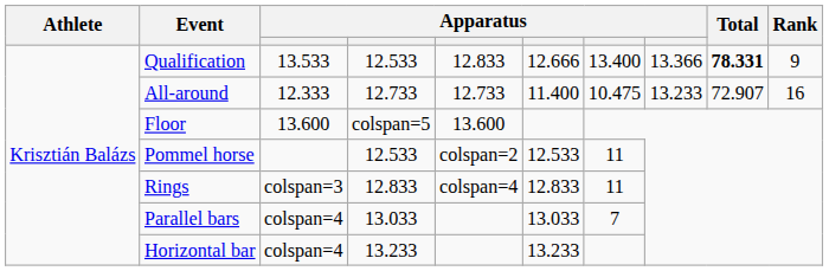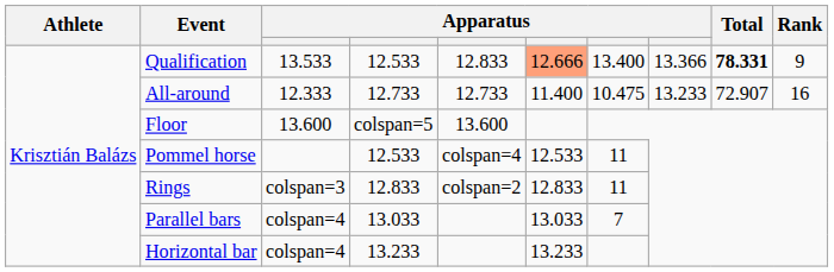 <table class="wikitable" style="text-align:center;font-size:90%">
 <tr>
 <th rowspan=2>Athlete</th>
 <th rowspan=2>Event</th>
 <th colspan=6>Apparatus</th>
 <th rowspan=2>Total</th>
 <th rowspan=2>Rank</th>
 </tr>
 <tr style="font-size:95%">
 <th></th>
 <th></th>
 <th></th>
 <th></th>
 <th></th>
 <th></th>
 </tr>
 <tr>
 <td rowspan=7 align=left><a href='#'>Krisztián Balázs</a></td>
 <td align=left><a href='#'>Qualification</a></td>
 <td>13.533</td>
 <td>12.533</td>
 <td>12.833</td>
-<td>12.666</td>
+<td style="background: lightsalmon;">12.666</td>
 <td>13.400</td>
 <td>13.366</td>
 <td><strong>78.331</strong></td>
 <td>9</td>
 </tr>
 <tr>
 <td align=left><a href='#'>All-around</a></td>
 <td>12.333</td>
 <td>12.733</td>
 <td>12.733</td>
 <td>11.400</td>
 <td>10.475</td>
 <td>13.233</td>
 <td>72.907</td>
 <td>16</td>
 </tr>
 <tr>
 <td align=left><a href='#'>Floor</a></td>
 <td>13.600</td>
 <td>colspan=5 </td>
 <td>13.600</td>
 <td></td>
 </tr>
 <tr>
 <td align=left><a href='#'>Pommel horse</a></td>
 <td></td>
 <td>12.533</td>
-<td>colspan=2 </td>
+<td>colspan=4 </td>
 <td>12.533</td>
 <td>11</td>
 </tr>
 <tr>
 <td align=left><a href='#'>Rings</a></td>
 <td>colspan=3 </td>
 <td>12.833</td>
-<td>colspan=4 </td>
+<td>colspan=2 </td>
 <td>12.833</td>
 <td>11</td>
 </tr>
 <tr>
 <td align=left><a href='#'>Parallel bars</a></td>
 <td>colspan=4 </td>
 <td>13.033</td>
 <td></td>
 <td>13.033</td>
 <td>7</td>
 </tr>
 <tr>
 <td align=left><a href='#'>Horizontal bar</a></td>
 <td>colspan=4 </td>
 <td>13.233</td>
 <td></td>
 <td>13.233</td>
 <td></td>
 </tr>
 </table>
